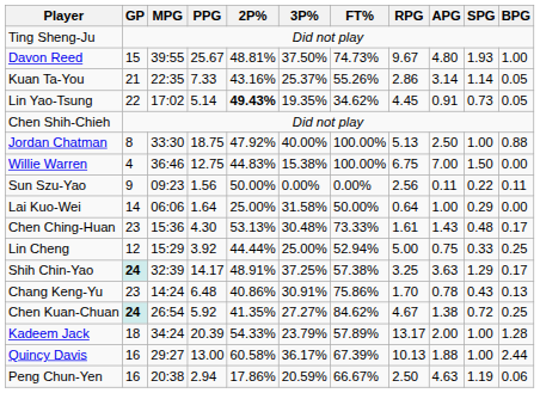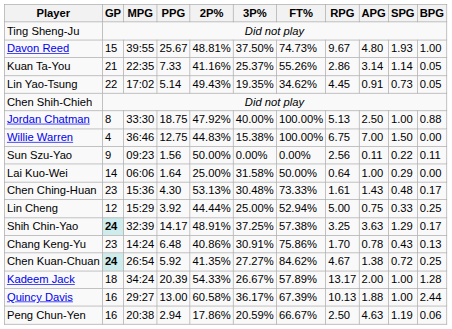 <table class="wikitable">
 <tr>
 <th>Player</th>
 <th>GP</th>
 <th>MPG</th>
 <th>PPG</th>
 <th>2P%</th>
 <th>3P%</th>
 <th>FT%</th>
 <th>RPG</th>
 <th>APG</th>
 <th>SPG</th>
 <th>BPG</th>
 </tr>
 <tr>
 <td>Ting Sheng-Ju</td>
 <td colspan=10 align=center><em>Did not play</em></td>
 </tr>
 <tr>
 <td><a href='#'>Davon Reed</a></td>
 <td>15</td>
 <td>39:55</td>
 <td>25.67</td>
 <td>48.81%</td>
 <td>37.50%</td>
 <td>74.73%</td>
 <td>9.67</td>
 <td>4.80</td>
 <td>1.93</td>
 <td>1.00</td>
 </tr>
 <tr>
 <td>Kuan Ta-You</td>
 <td>21</td>
 <td>22:35</td>
 <td>7.33</td>
-<td>43.16%</td>
+<td>41.16%</td>
 <td>25.37%</td>
 <td>55.26%</td>
 <td>2.86</td>
 <td>3.14</td>
 <td>1.14</td>
 <td>0.05</td>
 </tr>
 <tr>
 <td>Lin Yao-Tsung</td>
 <td>22</td>
 <td>17:02</td>
 <td>5.14</td>
-<td><strong>49.43%</strong></td>
+<td>49.43%</td>
 <td>19.35%</td>
 <td>34.62%</td>
 <td>4.45</td>
 <td>0.91</td>
 <td>0.73</td>
 <td>0.05</td>
 </tr>
 <tr>
 <td>Chen Shih-Chieh</td>
 <td colspan=10 align=center><em>Did not play</em></td>
 </tr>
 <tr>
 <td><a href='#'>Jordan Chatman</a></td>
 <td>8</td>
 <td>33:30</td>
 <td>18.75</td>
 <td>47.92%</td>
 <td>40.00%</td>
 <td>100.00%</td>
 <td>5.13</td>
 <td>2.50</td>
 <td>1.00</td>
 <td>0.88</td>
 </tr>
 <tr>
 <td><a href='#'>Willie Warren</a></td>
 <td>4</td>
 <td>36:46</td>
 <td>12.75</td>
 <td>44.83%</td>
 <td>15.38%</td>
 <td>100.00%</td>
 <td>6.75</td>
 <td>7.00</td>
 <td>1.50</td>
 <td>0.00</td>
 </tr>
 <tr>
 <td>Sun Szu-Yao</td>
 <td>9</td>
 <td>09:23</td>
 <td>1.56</td>
 <td>50.00%</td>
 <td>0.00%</td>
 <td>0.00%</td>
 <td>2.56</td>
 <td>0.11</td>
 <td>0.22</td>
 <td>0.11</td>
 </tr>
 <tr>
 <td>Lai Kuo-Wei</td>
 <td>14</td>
 <td>06:06</td>
 <td>1.64</td>
 <td>25.00%</td>
 <td>31.58%</td>
 <td>50.00%</td>
 <td>0.64</td>
 <td>1.00</td>
 <td>0.29</td>
 <td>0.00</td>
 </tr>
 <tr>
 <td>Chen Ching-Huan</td>
 <td>23</td>
 <td>15:36</td>
 <td>4.30</td>
 <td>53.13%</td>
 <td>30.48%</td>
 <td>73.33%</td>
 <td>1.61</td>
 <td>1.43</td>
 <td>0.48</td>
 <td>0.17</td>
 </tr>
 <tr>
 <td>Lin Cheng</td>
 <td>12</td>
 <td>15:29</td>
 <td>3.92</td>
 <td>44.44%</td>
 <td>25.00%</td>
 <td>52.94%</td>
 <td>5.00</td>
 <td>0.75</td>
 <td>0.33</td>
 <td>0.25</td>
 </tr>
 <tr>
 <td>Shih Chin-Yao</td>
 <td style="background-color: #CFECEC"><strong>24</strong></td>
 <td>32:39</td>
 <td>14.17</td>
 <td>48.91%</td>
 <td>37.25%</td>
 <td>57.38%</td>
 <td>3.25</td>
 <td>3.63</td>
 <td>1.29</td>
 <td>0.17</td>
 </tr>
 <tr>
 <td>Chang Keng-Yu</td>
 <td>23</td>
 <td>14:24</td>
 <td>6.48</td>
 <td>40.86%</td>
 <td>30.91%</td>
 <td>75.86%</td>
 <td>1.70</td>
 <td>0.78</td>
 <td>0.43</td>
 <td>0.13</td>
 </tr>
 <tr>
 <td>Chen Kuan-Chuan</td>
 <td style="background-color: #CFECEC"><strong>24</strong></td>
 <td>26:54</td>
 <td>5.92</td>
 <td>41.35%</td>
 <td>27.27%</td>
 <td>84.62%</td>
 <td>4.67</td>
 <td>1.38</td>
 <td>0.72</td>
 <td>0.25</td>
 </tr>
 <tr>
 <td><a href='#'>Kadeem Jack</a></td>
 <td>18</td>
 <td>34:24</td>
 <td>20.39</td>
 <td>54.33%</td>
-<td>23.79%</td>
+<td>26.67%</td>
 <td>57.89%</td>
 <td>13.17</td>
 <td>2.00</td>
 <td>1.00</td>
 <td>1.28</td>
 </tr>
 <tr>
 <td><a href='#'>Quincy Davis</a></td>
 <td>16</td>
 <td>29:27</td>
 <td>13.00</td>
 <td>60.58%</td>
 <td>36.17%</td>
 <td>67.39%</td>
 <td>10.13</td>
 <td>1.88</td>
 <td>1.00</td>
 <td>2.44</td>
 </tr>
 <tr>
 <td>Peng Chun-Yen</td>
 <td>16</td>
 <td>20:38</td>
 <td>2.94</td>
 <td>17.86%</td>
 <td>20.59%</td>
 <td>66.67%</td>
 <td>2.50</td>
 <td>4.63</td>
 <td>1.19</td>
 <td>0.06</td>
 </tr>
 </table>
